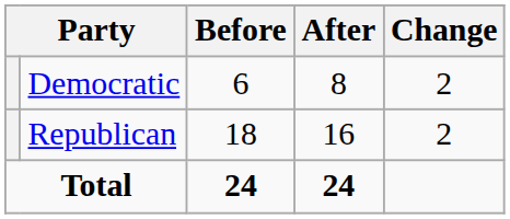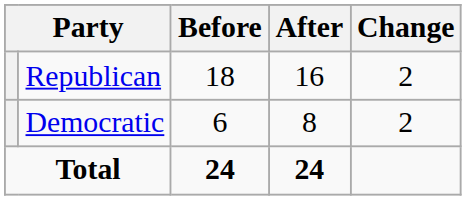 <table class="wikitable" style="text-align:center;">
 <tr>
 <th colspan="2">Party</th>
 <th>Before</th>
 <th>After</th>
 <th>Change</th>
 </tr>
 <tr>
 <th style="background-color:"></th>
-<td style="text-align:left;"><a href='#'>Democratic</a></td>
-<td>6</td>
-<td>8</td>
+<td style="text-align:left;"><a href='#'>Republican</a></td>
+<td>18</td>
+<td>16</td>
 <td> 2</td>
 </tr>
 <tr>
 <th style="background-color:"></th>
-<td style="text-align:left;"><a href='#'>Republican</a></td>
-<td>18</td>
-<td>16</td>
+<td style="text-align:left;"><a href='#'>Democratic</a></td>
+<td>6</td>
+<td>8</td>
 <td> 2</td>
 </tr>
 <tr>
 <td colspan="2"><strong>Total</strong></td>
 <td><strong>24</strong></td>
 <td><strong>24</strong></td>
 <td></td>
 </tr>
 </table>
